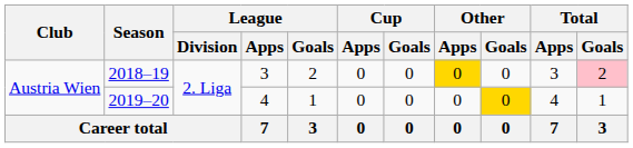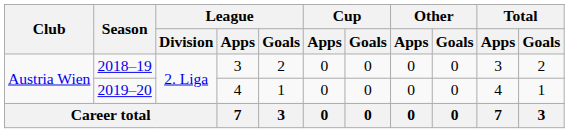 <table class="wikitable" style="text-align:center">
 <tr>
 <th rowspan="2">Club</th>
 <th rowspan="2">Season</th>
 <th colspan="3">League</th>
 <th colspan="2">Cup</th>
 <th colspan="2">Other</th>
 <th colspan="2">Total</th>
 </tr>
 <tr>
 <th>Division</th>
 <th>Apps</th>
 <th>Goals</th>
 <th>Apps</th>
 <th>Goals</th>
 <th>Apps</th>
 <th>Goals</th>
 <th>Apps</th>
 <th>Goals</th>
 </tr>
 <tr>
 <td rowspan="2"><a href='#'>Austria Wien</a></td>
 <td><a href='#'>2018–19</a></td>
 <td rowspan="2"><a href='#'>2. Liga</a></td>
 <td>3</td>
 <td>2</td>
 <td>0</td>
 <td>0</td>
-<td style="background: gold;">0</td>
+<td>0</td>
 <td>0</td>
 <td>3</td>
-<td style="background: pink;">2</td>
+<td>2</td>
 </tr>
 <tr>
 <td><a href='#'>2019–20</a></td>
 <td>4</td>
 <td>1</td>
 <td>0</td>
 <td>0</td>
 <td>0</td>
-<td style="background: gold;">0</td>
+<td>0</td>
 <td>4</td>
 <td>1</td>
 </tr>
 <tr>
 <th colspan=3>Career total</th>
 <th>7</th>
 <th>3</th>
 <th>0</th>
 <th>0</th>
 <th>0</th>
 <th>0</th>
 <th>7</th>
 <th>3</th>
 </tr>
 </table>
